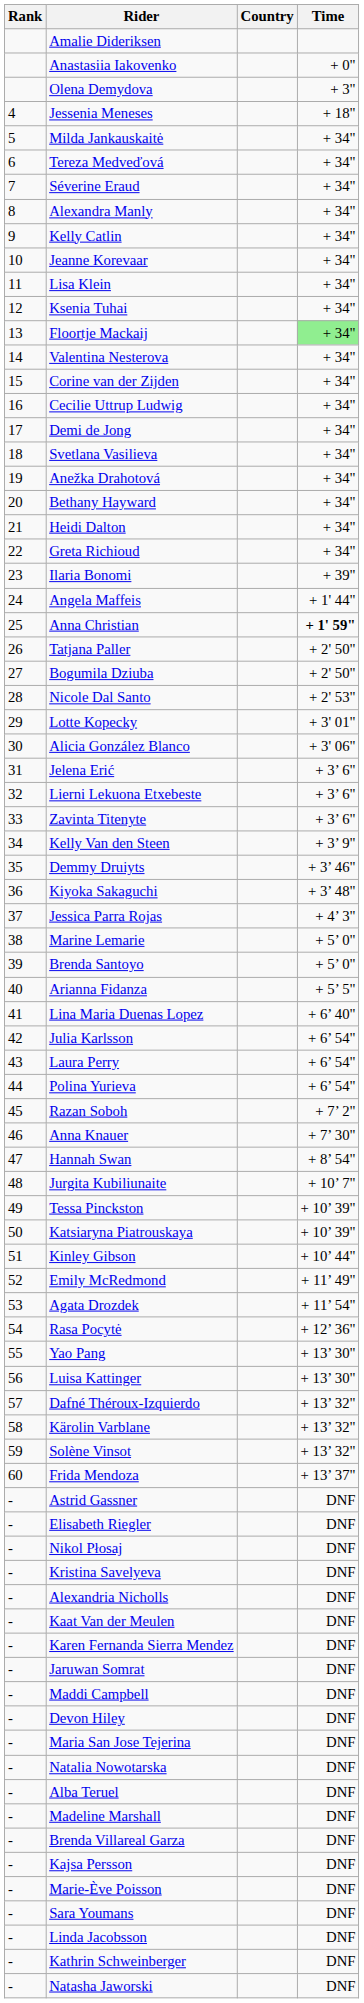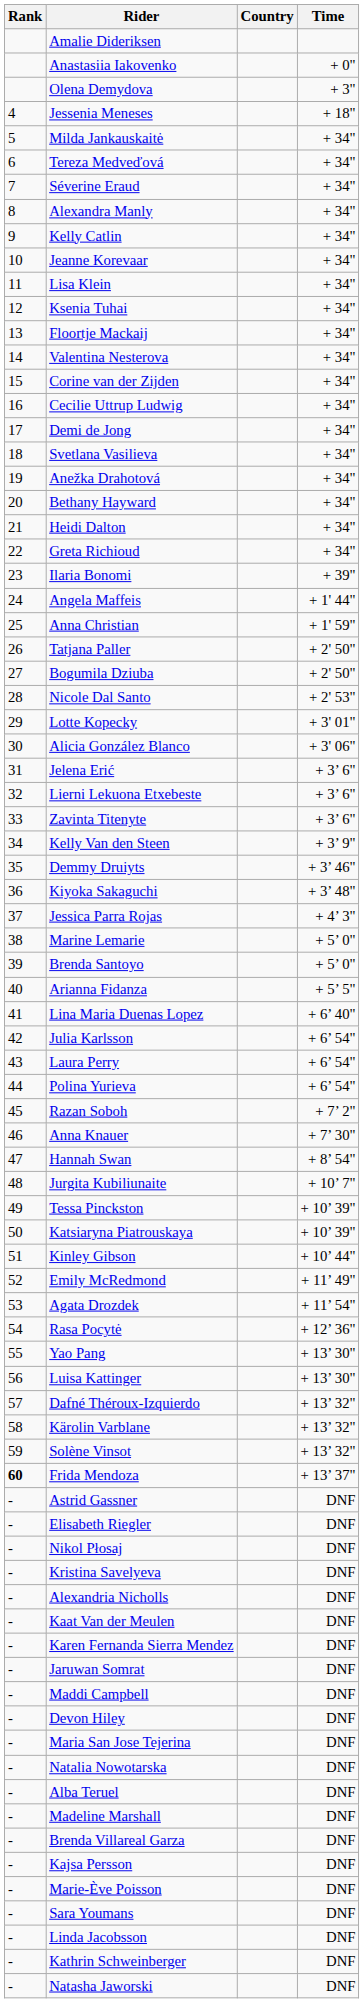 <table class="wikitable sortable" style="font-size:95%; text-align:left;">
 <tr>
 <th>Rank</th>
 <th>Rider</th>
 <th>Country</th>
 <th>Time</th>
 </tr>
 <tr>
 <td></td>
 <td><a href='#'>Amalie Dideriksen</a></td>
 <td></td>
 <td></td>
 </tr>
 <tr>
 <td></td>
 <td><a href='#'>Anastasiia Iakovenko</a></td>
 <td></td>
 <td align="right">+ 0"</td>
 </tr>
 <tr>
 <td></td>
 <td><a href='#'>Olena Demydova</a></td>
 <td></td>
 <td align="right">+ 3"</td>
 </tr>
 <tr>
 <td>4</td>
 <td><a href='#'>Jessenia Meneses</a></td>
 <td></td>
 <td align="right">+ 18"</td>
 </tr>
 <tr>
 <td>5</td>
 <td><a href='#'>Milda Jankauskaitė</a></td>
 <td></td>
 <td align="right">+ 34"</td>
 </tr>
 <tr>
 <td>6</td>
 <td><a href='#'>Tereza Medveďová</a></td>
 <td></td>
 <td align="right">+ 34"</td>
 </tr>
 <tr>
 <td>7</td>
 <td><a href='#'>Séverine Eraud</a></td>
 <td></td>
 <td align="right">+ 34"</td>
 </tr>
 <tr>
 <td>8</td>
 <td><a href='#'>Alexandra Manly</a></td>
 <td></td>
 <td align="right">+ 34"</td>
 </tr>
 <tr>
 <td>9</td>
 <td><a href='#'>Kelly Catlin</a></td>
 <td></td>
 <td align="right">+ 34"</td>
 </tr>
 <tr>
 <td>10</td>
 <td><a href='#'>Jeanne Korevaar</a></td>
 <td></td>
 <td align="right">+ 34"</td>
 </tr>
 <tr>
 <td>11</td>
 <td><a href='#'>Lisa Klein</a></td>
 <td></td>
 <td align="right">+ 34"</td>
 </tr>
 <tr>
 <td>12</td>
 <td><a href='#'>Ksenia Tuhai</a></td>
 <td></td>
 <td align="right">+ 34"</td>
 </tr>
 <tr>
 <td>13</td>
 <td><a href='#'>Floortje Mackaij</a></td>
 <td></td>
-<td align="right" style="background: lightgreen;">+ 34"</td>
+<td align="right">+ 34"</td>
 </tr>
 <tr>
 <td>14</td>
 <td><a href='#'>Valentina Nesterova</a></td>
 <td></td>
 <td align="right">+ 34"</td>
 </tr>
 <tr>
 <td>15</td>
 <td><a href='#'>Corine van der Zijden</a></td>
 <td></td>
 <td align="right">+ 34"</td>
 </tr>
 <tr>
 <td>16</td>
 <td><a href='#'>Cecilie Uttrup Ludwig</a></td>
 <td></td>
 <td align="right">+ 34"</td>
 </tr>
 <tr>
 <td>17</td>
 <td><a href='#'>Demi de Jong</a></td>
 <td></td>
 <td align="right">+ 34"</td>
 </tr>
 <tr>
 <td>18</td>
 <td><a href='#'>Svetlana Vasilieva</a></td>
 <td></td>
 <td align="right">+ 34"</td>
 </tr>
 <tr>
 <td>19</td>
 <td><a href='#'>Anežka Drahotová</a></td>
 <td></td>
 <td align="right">+ 34"</td>
 </tr>
 <tr>
 <td>20</td>
 <td><a href='#'>Bethany Hayward</a></td>
 <td></td>
 <td align="right">+ 34"</td>
 </tr>
 <tr>
 <td>21</td>
 <td><a href='#'>Heidi Dalton</a></td>
 <td></td>
 <td align="right">+ 34"</td>
 </tr>
 <tr>
 <td>22</td>
 <td><a href='#'>Greta Richioud</a></td>
 <td></td>
 <td align="right">+ 34"</td>
 </tr>
 <tr>
 <td>23</td>
 <td><a href='#'>Ilaria Bonomi</a></td>
 <td></td>
 <td align="right">+ 39"</td>
 </tr>
 <tr>
 <td>24</td>
 <td><a href='#'>Angela Maffeis</a></td>
 <td></td>
 <td align="right">+ 1' 44"</td>
 </tr>
 <tr>
 <td>25</td>
 <td><a href='#'>Anna Christian</a></td>
 <td></td>
-<td align="right"><strong>+ 1' 59"</strong></td>
+<td align="right">+ 1' 59"</td>
 </tr>
 <tr>
 <td>26</td>
 <td><a href='#'>Tatjana Paller</a></td>
 <td></td>
 <td align="right">+ 2' 50"</td>
 </tr>
 <tr>
 <td>27</td>
 <td><a href='#'>Bogumila Dziuba</a></td>
 <td></td>
 <td align="right">+ 2' 50"</td>
 </tr>
 <tr>
 <td>28</td>
 <td><a href='#'>Nicole Dal Santo</a></td>
 <td></td>
 <td align="right">+ 2' 53"</td>
 </tr>
 <tr>
 <td>29</td>
 <td><a href='#'>Lotte Kopecky</a></td>
 <td></td>
 <td align="right">+ 3' 01"</td>
 </tr>
 <tr>
 <td>30</td>
 <td><a href='#'>Alicia González Blanco</a></td>
 <td></td>
 <td align="right">+ 3' 06"</td>
 </tr>
 <tr>
 <td>31</td>
 <td><a href='#'>Jelena Erić</a></td>
 <td></td>
 <td align=right>+ 3’ 6"</td>
 </tr>
 <tr>
 <td>32</td>
 <td><a href='#'>Lierni Lekuona Etxebeste</a></td>
 <td></td>
 <td align=right>+ 3’ 6"</td>
 </tr>
 <tr>
 <td>33</td>
 <td><a href='#'>Zavinta Titenyte</a></td>
 <td></td>
 <td align=right>+ 3’ 6"</td>
 </tr>
 <tr>
 <td>34</td>
 <td><a href='#'>Kelly Van den Steen</a></td>
 <td></td>
 <td align=right>+ 3’ 9"</td>
 </tr>
 <tr>
 <td>35</td>
 <td><a href='#'>Demmy Druiyts</a></td>
 <td></td>
 <td align=right>+ 3’ 46"</td>
 </tr>
 <tr>
 <td>36</td>
 <td><a href='#'>Kiyoka Sakaguchi</a></td>
 <td></td>
 <td align=right>+ 3’ 48"</td>
 </tr>
 <tr>
 <td>37</td>
 <td><a href='#'>Jessica Parra Rojas</a></td>
 <td></td>
 <td align=right>+ 4’ 3"</td>
 </tr>
 <tr>
 <td>38</td>
 <td><a href='#'>Marine Lemarie</a></td>
 <td></td>
 <td align=right>+ 5’ 0"</td>
 </tr>
 <tr>
 <td>39</td>
 <td><a href='#'>Brenda Santoyo</a></td>
 <td></td>
 <td align=right>+ 5’ 0"</td>
 </tr>
 <tr>
 <td>40</td>
 <td><a href='#'>Arianna Fidanza</a></td>
 <td></td>
 <td align=right>+ 5’ 5"</td>
 </tr>
 <tr>
 <td>41</td>
 <td><a href='#'>Lina Maria Duenas Lopez</a></td>
 <td></td>
 <td align=right>+ 6’ 40"</td>
 </tr>
 <tr>
 <td>42</td>
 <td><a href='#'>Julia Karlsson</a></td>
 <td></td>
 <td align=right>+ 6’ 54"</td>
 </tr>
 <tr>
 <td>43</td>
 <td><a href='#'>Laura Perry</a></td>
 <td></td>
 <td align=right>+ 6’ 54"</td>
 </tr>
 <tr>
 <td>44</td>
 <td><a href='#'>Polina Yurieva</a></td>
 <td></td>
 <td align=right>+ 6’ 54"</td>
 </tr>
 <tr>
 <td>45</td>
 <td><a href='#'>Razan Soboh</a></td>
 <td></td>
 <td align=right>+ 7’ 2"</td>
 </tr>
 <tr>
 <td>46</td>
 <td><a href='#'>Anna Knauer</a></td>
 <td></td>
 <td align=right>+ 7’ 30"</td>
 </tr>
 <tr>
 <td>47</td>
 <td><a href='#'>Hannah Swan</a></td>
 <td></td>
 <td align=right>+ 8’ 54"</td>
 </tr>
 <tr>
 <td>48</td>
 <td><a href='#'>Jurgita Kubiliunaite</a></td>
 <td></td>
 <td align=right>+ 10’ 7"</td>
 </tr>
 <tr>
 <td>49</td>
 <td><a href='#'>Tessa Pinckston</a></td>
 <td></td>
 <td align=right>+ 10’ 39"</td>
 </tr>
 <tr>
 <td>50</td>
 <td><a href='#'>Katsiaryna Piatrouskaya</a></td>
 <td></td>
 <td align=right>+ 10’ 39"</td>
 </tr>
 <tr>
 <td>51</td>
 <td><a href='#'>Kinley Gibson</a></td>
 <td></td>
 <td align=right>+ 10’ 44"</td>
 </tr>
 <tr>
 <td>52</td>
 <td><a href='#'>Emily McRedmond</a></td>
 <td></td>
 <td align=right>+ 11’ 49"</td>
 </tr>
 <tr>
 <td>53</td>
 <td><a href='#'>Agata Drozdek</a></td>
 <td></td>
 <td align=right>+ 11’ 54"</td>
 </tr>
 <tr>
 <td>54</td>
 <td><a href='#'>Rasa Pocytė</a></td>
 <td></td>
 <td align=right>+ 12’ 36"</td>
 </tr>
 <tr>
 <td>55</td>
 <td><a href='#'>Yao Pang</a></td>
 <td></td>
 <td align=right>+ 13’ 30"</td>
 </tr>
 <tr>
 <td>56</td>
 <td><a href='#'>Luisa Kattinger</a></td>
 <td></td>
 <td align=right>+ 13’ 30"</td>
 </tr>
 <tr>
 <td>57</td>
 <td><a href='#'>Dafné Théroux-Izquierdo</a></td>
 <td></td>
 <td align=right>+ 13’ 32"</td>
 </tr>
 <tr>
 <td>58</td>
 <td><a href='#'>Kärolin Varblane</a></td>
 <td></td>
 <td align=right>+ 13’ 32"</td>
 </tr>
 <tr>
 <td>59</td>
 <td><a href='#'>Solène Vinsot</a></td>
 <td></td>
 <td align=right>+ 13’ 32"</td>
 </tr>
 <tr>
-<td>60</td>
+<td><strong>60</strong></td>
 <td><a href='#'>Frida Mendoza</a></td>
 <td></td>
 <td align=right>+ 13’ 37"</td>
 </tr>
 <tr>
 <td>-</td>
 <td><a href='#'>Astrid Gassner</a></td>
 <td></td>
 <td align=right>DNF</td>
 </tr>
 <tr>
 <td>-</td>
 <td><a href='#'>Elisabeth Riegler</a></td>
 <td></td>
 <td align=right>DNF</td>
 </tr>
 <tr>
 <td>-</td>
 <td><a href='#'>Nikol Płosaj</a></td>
 <td></td>
 <td align=right>DNF</td>
 </tr>
 <tr>
 <td>-</td>
 <td><a href='#'>Kristina Savelyeva</a></td>
 <td></td>
 <td align=right>DNF</td>
 </tr>
 <tr>
 <td>-</td>
 <td><a href='#'>Alexandria Nicholls</a></td>
 <td></td>
 <td align=right>DNF</td>
 </tr>
 <tr>
 <td>-</td>
 <td><a href='#'>Kaat Van der Meulen</a></td>
 <td></td>
 <td align=right>DNF</td>
 </tr>
 <tr>
 <td>-</td>
 <td><a href='#'>Karen Fernanda Sierra Mendez</a></td>
 <td></td>
 <td align=right>DNF</td>
 </tr>
 <tr>
 <td>-</td>
 <td><a href='#'>Jaruwan Somrat</a></td>
 <td></td>
 <td align=right>DNF</td>
 </tr>
 <tr>
 <td>-</td>
 <td><a href='#'>Maddi Campbell</a></td>
 <td></td>
 <td align=right>DNF</td>
 </tr>
 <tr>
 <td>-</td>
 <td><a href='#'>Devon Hiley</a></td>
 <td></td>
 <td align=right>DNF</td>
 </tr>
 <tr>
 <td>-</td>
 <td><a href='#'>Maria San Jose Tejerina</a></td>
 <td></td>
 <td align=right>DNF</td>
 </tr>
 <tr>
 <td>-</td>
 <td><a href='#'>Natalia Nowotarska</a></td>
 <td></td>
 <td align=right>DNF</td>
 </tr>
 <tr>
 <td>-</td>
 <td><a href='#'>Alba Teruel</a></td>
 <td></td>
 <td align=right>DNF</td>
 </tr>
 <tr>
 <td>-</td>
 <td><a href='#'>Madeline Marshall</a></td>
 <td></td>
 <td align=right>DNF</td>
 </tr>
 <tr>
 <td>-</td>
 <td><a href='#'>Brenda Villareal Garza</a></td>
 <td></td>
 <td align=right>DNF</td>
 </tr>
 <tr>
 <td>-</td>
 <td><a href='#'>Kajsa Persson</a></td>
 <td></td>
 <td align=right>DNF</td>
 </tr>
 <tr>
 <td>-</td>
 <td><a href='#'>Marie-Ève Poisson</a></td>
 <td></td>
 <td align=right>DNF</td>
 </tr>
 <tr>
 <td>-</td>
 <td><a href='#'>Sara Youmans</a></td>
 <td></td>
 <td align=right>DNF</td>
 </tr>
 <tr>
 <td>-</td>
 <td><a href='#'>Linda Jacobsson</a></td>
 <td></td>
 <td align=right>DNF</td>
 </tr>
 <tr>
 <td>-</td>
 <td><a href='#'>Kathrin Schweinberger</a></td>
 <td></td>
 <td align=right>DNF</td>
 </tr>
 <tr>
 <td>-</td>
 <td><a href='#'>Natasha Jaworski</a></td>
 <td></td>
 <td align=right>DNF</td>
 </tr>
 </table>
